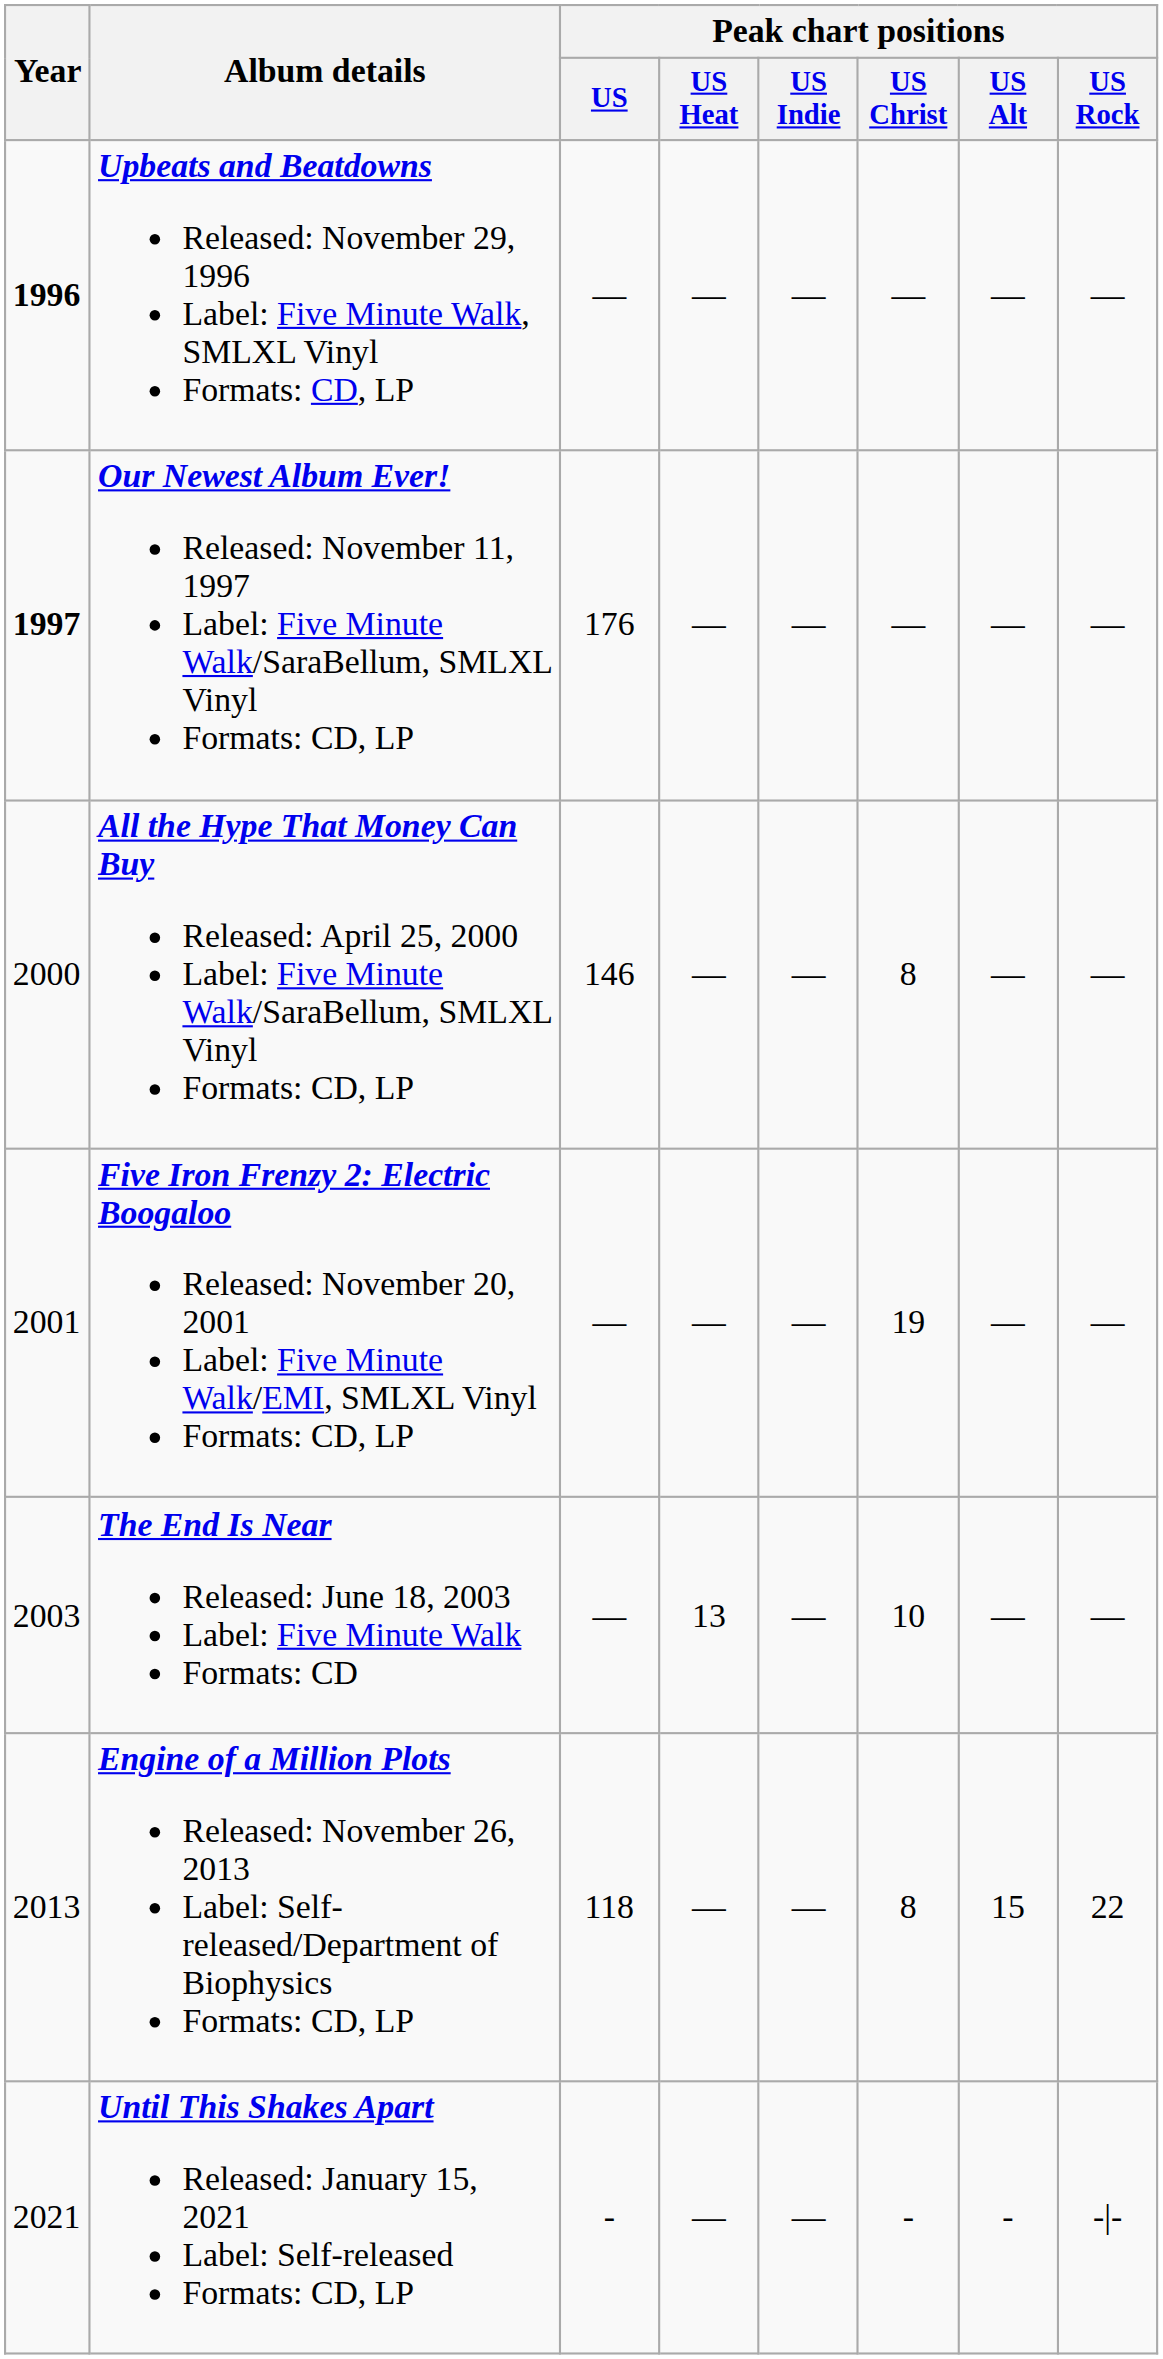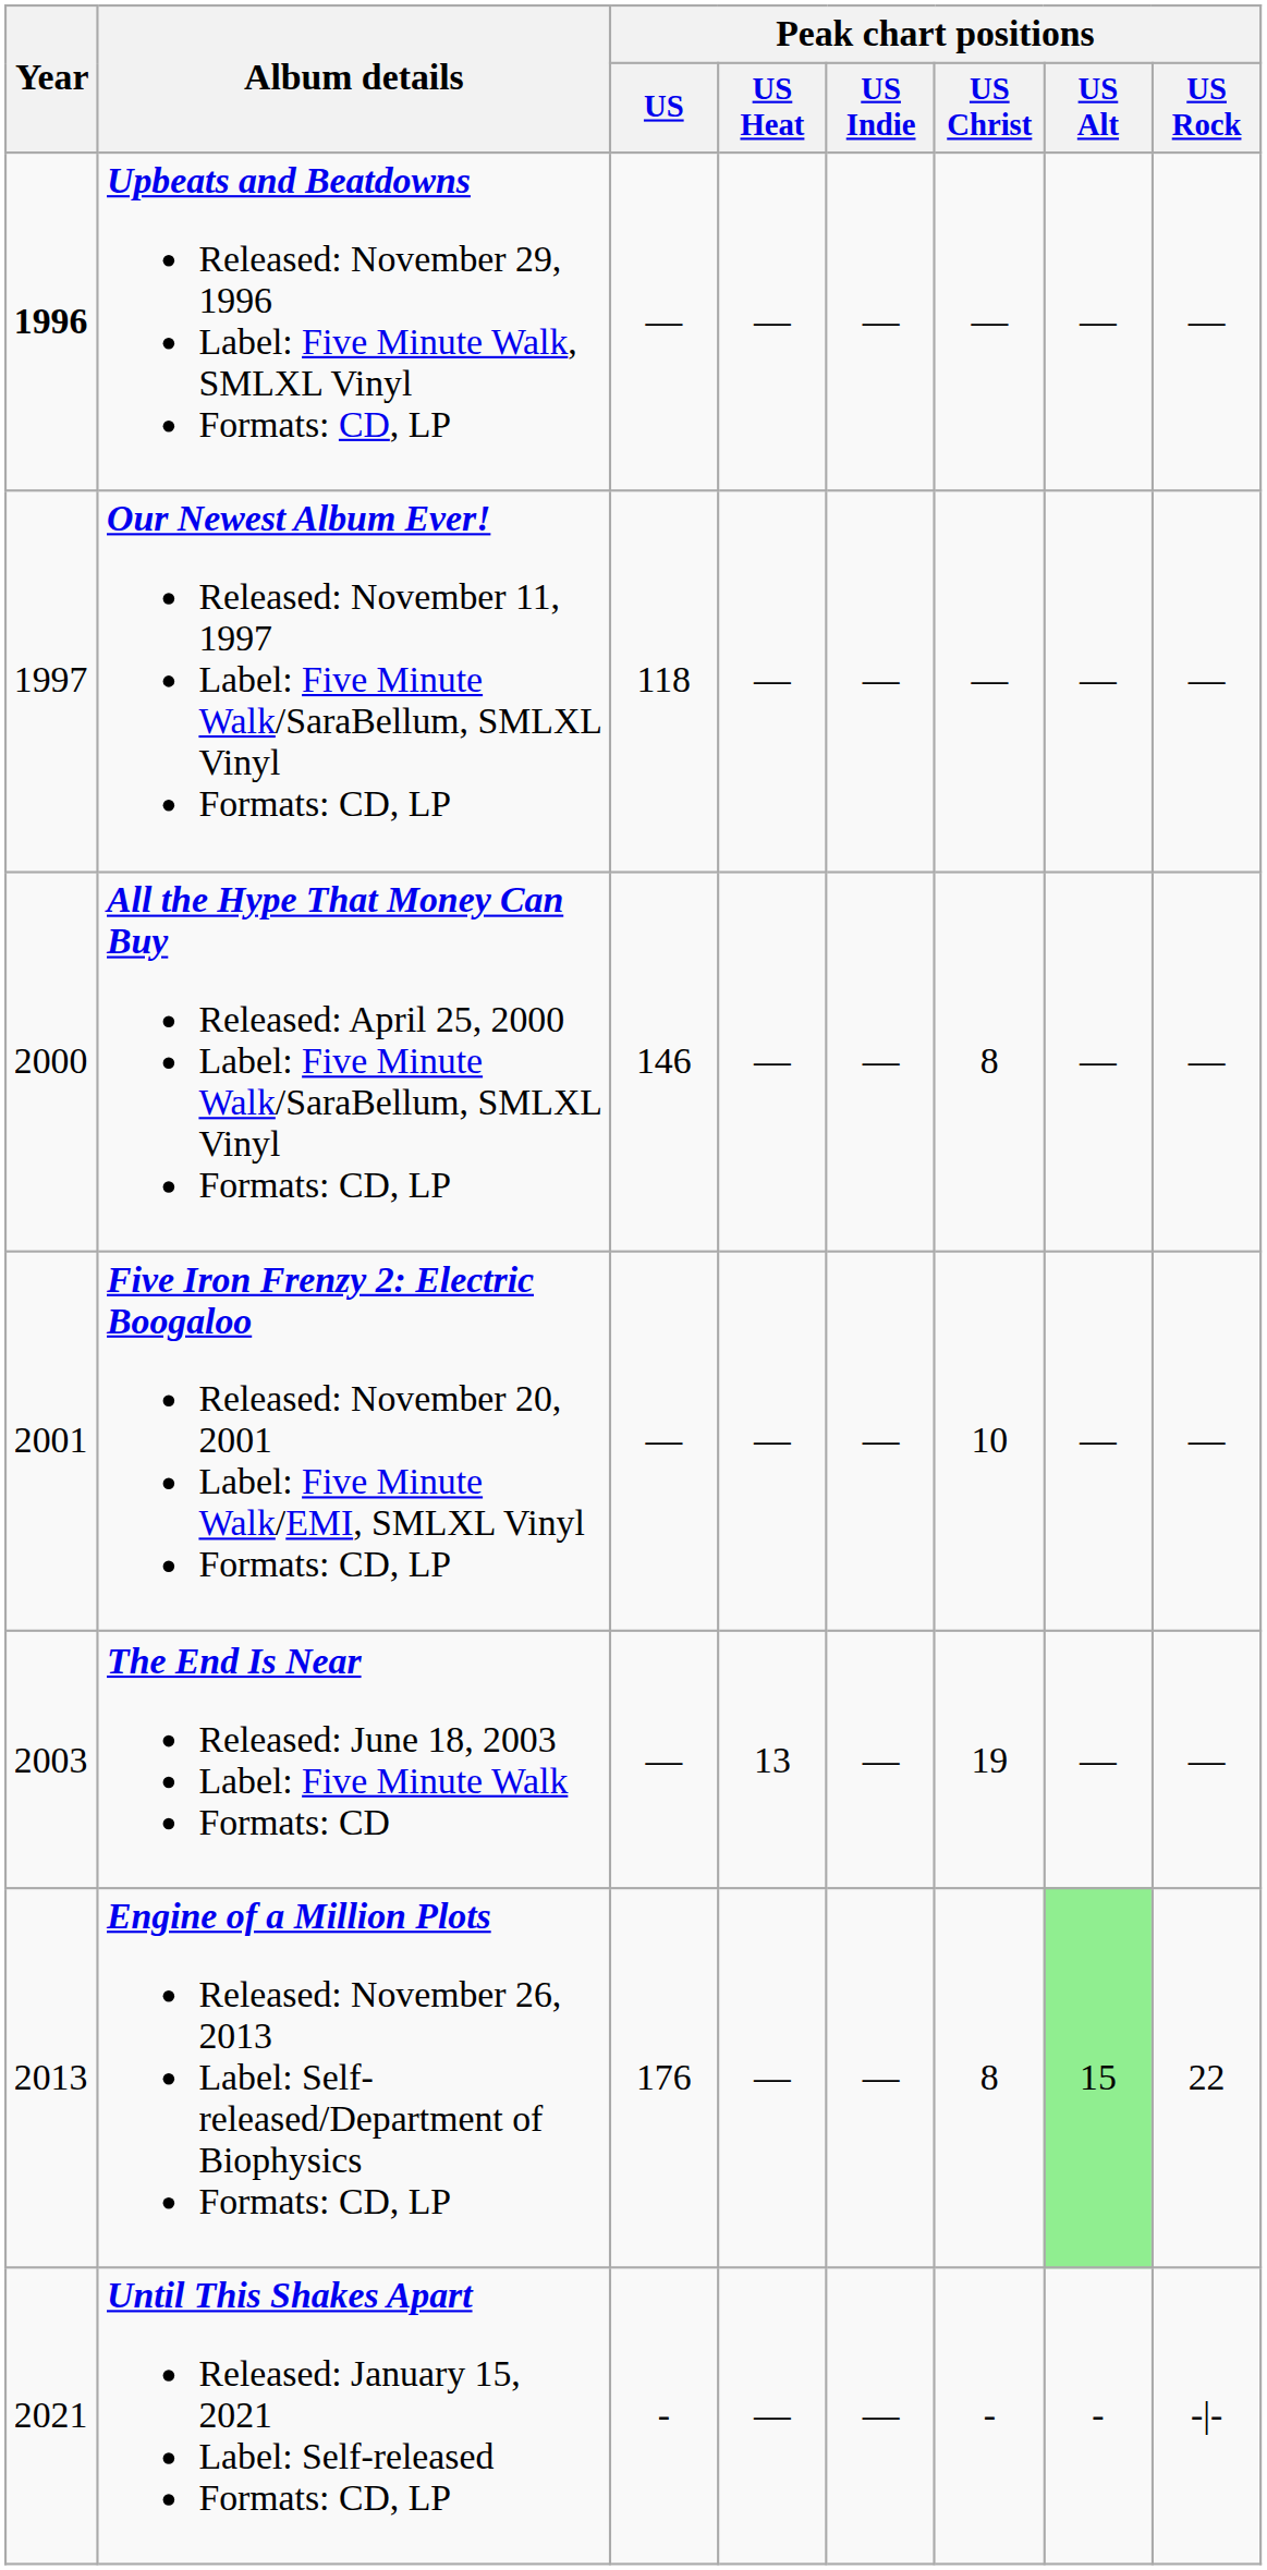 <table class ="wikitable">
 <tr>
 <th rowspan="2" style="width:33px;">Year</th>
 <th rowspan="2" style="width:215px;">Album details</th>
 <th colspan="6">Peak chart positions</th>
 </tr>
 <tr>
 <th style="width:3em;font-size:85%"><a href='#'>US</a><br></th>
 <th style="width:3em;font-size:85%"><a href='#'>US<br>Heat</a><br></th>
 <th style="width:3em;font-size:85%"><a href='#'>US<br>Indie</a><br></th>
 <th style="width:3em;font-size:85%"><a href='#'>US<br>Christ</a><br></th>
 <th style="width:3em;font-size:85%"><a href='#'>US<br>Alt</a><br></th>
 <th style="width:3em;font-size:85%"><a href='#'>US<br>Rock</a><br></th>
 </tr>
 <tr>
 <td><strong>1996</strong></td>
 <td><strong><em><a href='#'>Upbeats and Beatdowns</a></em></strong><br><ul><li>Released: November 29, 1996</li><li>Label: <a href='#'>Five Minute Walk</a>, SMLXL Vinyl</li><li>Formats: <a href='#'>CD</a>, LP</li></ul></td>
 <td style="text-align:center;">—</td>
 <td style="text-align:center;">—</td>
 <td style="text-align:center;">—</td>
 <td style="text-align:center;">—</td>
 <td style="text-align:center;">—</td>
 <td style="text-align:center;">—</td>
 </tr>
 <tr>
-<td><strong>1997</strong></td>
+<td>1997</td>
 <td><strong><em><a href='#'>Our Newest Album Ever!</a></em></strong><br><ul><li>Released: November 11, 1997</li><li>Label: <a href='#'>Five Minute Walk</a>/SaraBellum, SMLXL Vinyl</li><li>Formats: CD, LP</li></ul></td>
-<td style="text-align:center;">176</td>
+<td style="text-align:center;">118</td>
 <td style="text-align:center;">—</td>
 <td style="text-align:center;">—</td>
 <td style="text-align:center;">—</td>
 <td style="text-align:center;">—</td>
 <td style="text-align:center;">—</td>
 </tr>
 <tr>
 <td>2000</td>
 <td><strong><em><a href='#'>All the Hype That Money Can Buy</a></em></strong><br><ul><li>Released: April 25, 2000</li><li>Label: <a href='#'>Five Minute Walk</a>/SaraBellum, SMLXL Vinyl</li><li>Formats: CD, LP</li></ul></td>
 <td style="text-align:center;">146</td>
 <td style="text-align:center;">—</td>
 <td style="text-align:center;">—</td>
 <td style="text-align:center;">8</td>
 <td style="text-align:center;">—</td>
 <td style="text-align:center;">—</td>
 </tr>
 <tr>
 <td>2001</td>
 <td><strong><em><a href='#'>Five Iron Frenzy 2: Electric Boogaloo</a></em></strong><br><ul><li>Released: November 20, 2001</li><li>Label: <a href='#'>Five Minute Walk</a>/<a href='#'>EMI</a>, SMLXL Vinyl</li><li>Formats: CD, LP</li></ul></td>
 <td style="text-align:center;">—</td>
 <td style="text-align:center;">—</td>
 <td style="text-align:center;">—</td>
-<td style="text-align:center;">19</td>
+<td style="text-align:center;">10</td>
 <td style="text-align:center;">—</td>
 <td style="text-align:center;">—</td>
 </tr>
 <tr>
 <td>2003</td>
 <td><strong><em><a href='#'>The End Is Near</a></em></strong><br><ul><li>Released: June 18, 2003</li><li>Label: <a href='#'>Five Minute Walk</a></li><li>Formats: CD</li></ul></td>
 <td style="text-align:center;">—</td>
 <td style="text-align:center;">13</td>
 <td style="text-align:center;">—</td>
-<td style="text-align:center;">10</td>
+<td style="text-align:center;">19</td>
 <td style="text-align:center;">—</td>
 <td style="text-align:center;">—</td>
 </tr>
 <tr>
 <td>2013</td>
 <td><strong><em><a href='#'>Engine of a Million Plots</a></em></strong><br><ul><li>Released: November 26, 2013</li><li>Label: Self-released/Department of Biophysics</li><li>Formats: CD, LP</li></ul></td>
-<td style="text-align:center;">118</td>
+<td style="text-align:center;">176</td>
 <td style="text-align:center;">—</td>
 <td style="text-align:center;">—</td>
 <td style="text-align:center;">8</td>
-<td style="text-align:center;">15</td>
+<td style="background: lightgreen; text-align:center;">15</td>
 <td style="text-align:center;">22</td>
 </tr>
 <tr>
 <td>2021</td>
 <td><strong><em><a href='#'>Until This Shakes Apart</a></em></strong><br><ul><li>Released: January 15, 2021</li><li>Label: Self-released</li><li>Formats: CD, LP</li></ul></td>
 <td style="text-align:center;">-</td>
 <td style="text-align:center;">—</td>
 <td style="text-align:center;">—</td>
 <td style="text-align:center;">-</td>
 <td style="text-align:center;">-</td>
 <td style="text-align:center;">-|-</td>
 </tr>
 </table>
